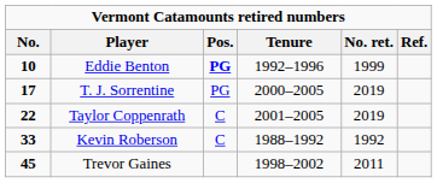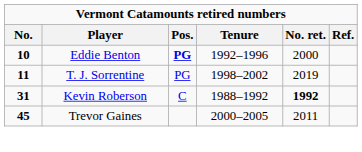 <table class="wikitable sortable" style="text-align:center">
 <tr>
 <td colspan=6><strong>Vermont Catamounts retired numbers</strong></td>
 </tr>
 <tr>
 <th width=40px>No.</th>
 <th width=150px>Player</th>
 <th width=px>Pos.</th>
 <th width=100px>Tenure</th>
 <th width=px>No. ret.</th>
 <th width=px>Ref.</th>
 </tr>
 <tr>
 <td><strong>10</strong></td>
 <td><a href='#'>Eddie Benton</a></td>
 <td><strong><a href='#'>PG</a></strong></td>
 <td>1992–1996</td>
-<td>1999</td>
+<td>2000</td>
 <td></td>
 </tr>
 <tr>
-<td><strong>17</strong></td>
+<td><strong>11</strong></td>
 <td><a href='#'>T. J. Sorrentine</a></td>
 <td><a href='#'>PG</a></td>
-<td>2000–2005</td>
+<td>1998–2002</td>
 <td>2019</td>
 <td></td>
 </tr>
 <tr>
-<td><strong>22</strong></td>
-<td><a href='#'>Taylor Coppenrath</a></td>
-<td><a href='#'>C</a></td>
-<td>2001–2005</td>
-<td>2019</td>
-<td></td>
-</tr>
-<tr>
-<td><strong>33</strong></td>
+<td><strong>31</strong></td>
 <td><a href='#'>Kevin Roberson</a></td>
 <td><a href='#'>C</a></td>
 <td>1988–1992</td>
-<td>1992</td>
+<td><strong>1992</strong></td>
 <td></td>
 </tr>
 <tr>
 <td><strong>45</strong></td>
 <td>Trevor Gaines </td>
 <td></td>
-<td>1998–2002</td>
+<td>2000–2005</td>
 <td>2011</td>
 <td></td>
 </tr>
 </table>
